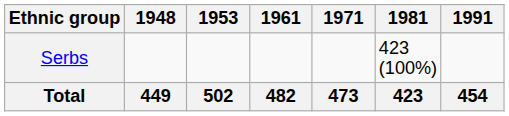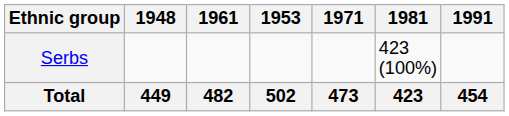 <table class="wikitable" border="1">
 <tr>
 <th>Ethnic group</th>
 <th style=width:3em>1948</th>
+<th style=width:3em>1961</th>
 <th style=width:3em>1953</th>
-<th style=width:3em>1961</th>
 <th style=width:3em>1971</th>
 <th style=width:3em>1981</th>
 <th style=width:3em>1991</th>
 </tr>
 <tr>
 <th style=font-weight:300><a href='#'>Serbs</a></th>
 <td></td>
 <td></td>
 <td></td>
 <td></td>
 <td>423 (100%)</td>
 <td></td>
 </tr>
 <tr>
 <th>Total</th>
 <th>449</th>
+<th>482</th>
 <th>502</th>
-<th>482</th>
 <th>473</th>
 <th>423</th>
 <th>454</th>
 </tr>
 </table>
